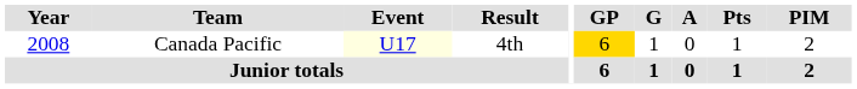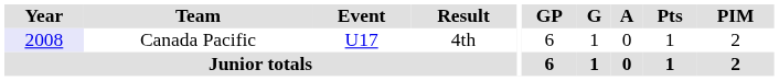 <table border="0" cellpadding="1" cellspacing="0" ID="Table3" style="text-align:center; width:40em">
 <tr ALIGN="center" bgcolor="#e0e0e0">
 <th>Year</th>
 <th>Team</th>
 <th>Event</th>
 <th>Result</th>
 <th rowspan="99" bgcolor="#ffffff"></th>
 <th>GP</th>
 <th>G</th>
 <th>A</th>
 <th>Pts</th>
 <th>PIM</th>
 </tr>
 <tr>
-<td><a href='#'>2008</a></td>
+<td style="background: lavender;"><a href='#'>2008</a></td>
 <td>Canada Pacific</td>
-<td style="background: lightyellow;"><a href='#'>U17</a></td>
+<td><a href='#'>U17</a></td>
 <td>4th</td>
-<td style="background: gold;">6</td>
+<td>6</td>
 <td>1</td>
 <td>0</td>
 <td>1</td>
 <td>2</td>
 </tr>
 <tr ALIGN="center" bgcolor="#e0e0e0">
 <th colspan=4>Junior totals</th>
 <th>6</th>
 <th>1</th>
 <th>0</th>
 <th>1</th>
 <th>2</th>
 </tr>
 </table>
